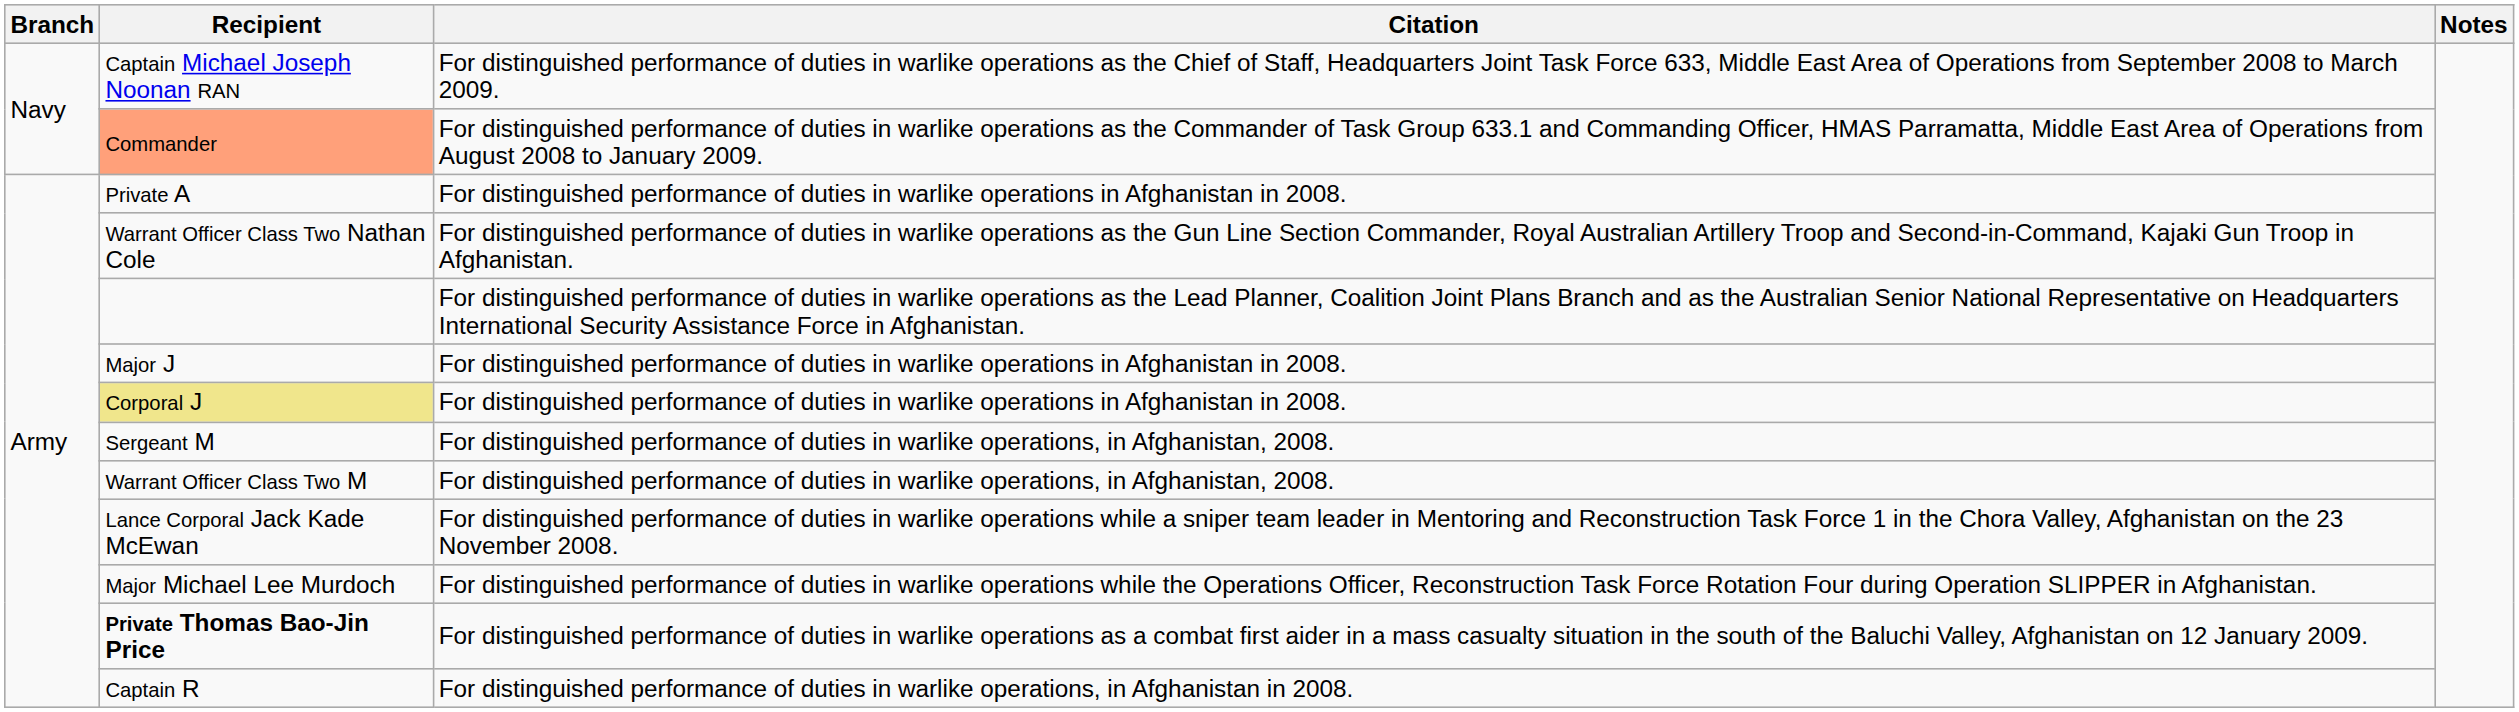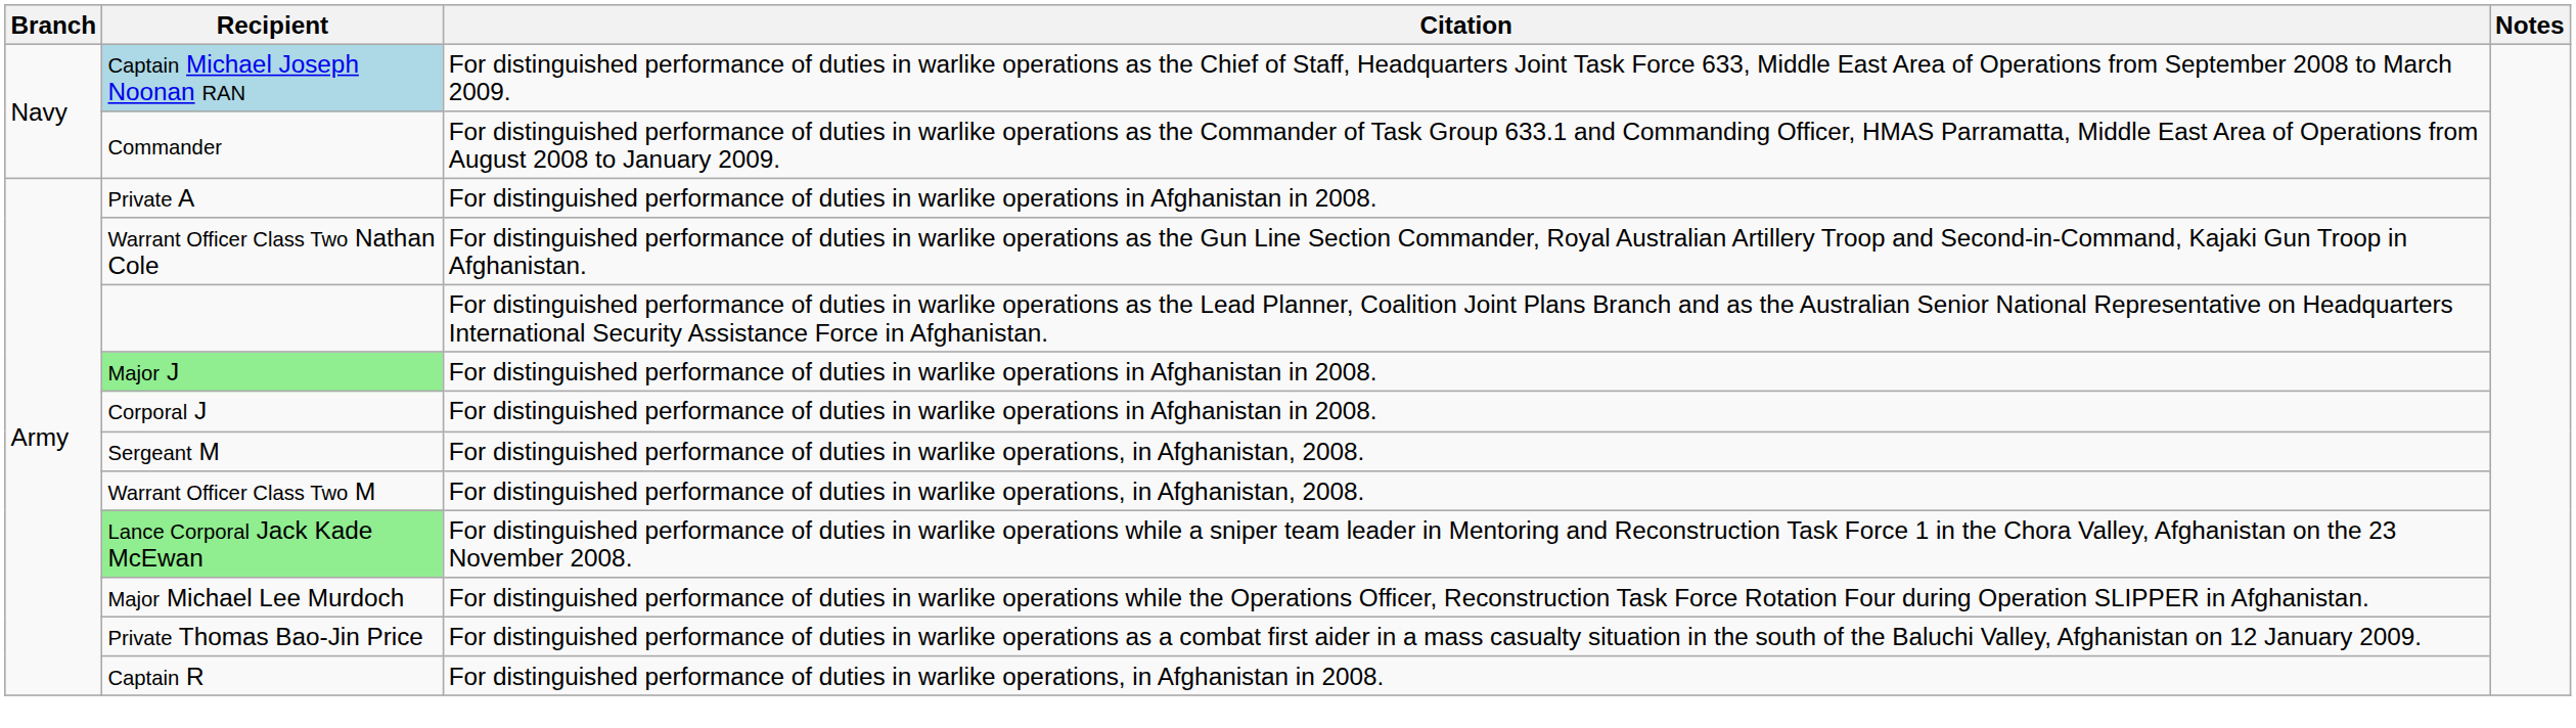 <table class="wikitable" style="font-size:95%;">
 <tr>
 <th>Branch</th>
 <th>Recipient</th>
 <th>Citation</th>
 <th>Notes</th>
 </tr>
 <tr>
 <td rowspan=2>Navy</td>
-<td><small>Captain</small> <a href='#'>Michael Joseph Noonan</a> <small>RAN</small></td>
+<td style="background: lightblue;"><small>Captain</small> <a href='#'>Michael Joseph Noonan</a> <small>RAN</small></td>
 <td>For distinguished performance of duties in warlike operations as the Chief of Staff, Headquarters Joint Task Force 633, Middle East Area of Operations from September 2008 to March 2009.</td>
 <td rowspan=20></td>
 </tr>
 <tr>
-<td style="background: lightsalmon;"><small>Commander</small></td>
+<td><small>Commander</small></td>
 <td>For distinguished performance of duties in warlike operations as the Commander of Task Group 633.1 and Commanding Officer, HMAS Parramatta, Middle East Area of Operations from August 2008 to January 2009.</td>
 </tr>
 <tr>
 <td rowspan=11>Army</td>
 <td><small>Private</small> A</td>
 <td>For distinguished performance of duties in warlike operations in Afghanistan in 2008.</td>
 </tr>
 <tr>
 <td><small>Warrant Officer Class Two</small> Nathan Cole</td>
 <td>For distinguished performance of duties in warlike operations as the Gun Line Section Commander, Royal Australian Artillery Troop and Second-in-Command, Kajaki Gun Troop in Afghanistan.</td>
 </tr>
 <tr>
 <td></td>
 <td>For distinguished performance of duties in warlike operations as the Lead Planner, Coalition Joint Plans Branch and as the Australian Senior National Representative on Headquarters International Security Assistance Force in Afghanistan.</td>
 </tr>
 <tr>
-<td><small>Major</small> J</td>
+<td style="background: lightgreen;"><small>Major</small> J</td>
 <td>For distinguished performance of duties in warlike operations in Afghanistan in 2008.</td>
 </tr>
 <tr>
-<td style="background: khaki;"><small>Corporal</small> J</td>
+<td><small>Corporal</small> J</td>
 <td>For distinguished performance of duties in warlike operations in Afghanistan in 2008.</td>
 </tr>
 <tr>
 <td><small>Sergeant</small> M</td>
 <td>For distinguished performance of duties in warlike operations, in Afghanistan, 2008.</td>
 </tr>
 <tr>
 <td><small>Warrant Officer Class Two</small> M</td>
 <td>For distinguished performance of duties in warlike operations, in Afghanistan, 2008.</td>
 </tr>
 <tr>
-<td><small>Lance Corporal</small> Jack Kade McEwan</td>
+<td style="background: lightgreen;"><small>Lance Corporal</small> Jack Kade McEwan</td>
 <td>For distinguished performance of duties in warlike operations while a sniper team leader in Mentoring and Reconstruction Task Force 1 in the Chora Valley, Afghanistan on the 23 November 2008.</td>
 </tr>
 <tr>
 <td><small>Major</small> Michael Lee Murdoch</td>
 <td>For distinguished performance of duties in warlike operations while the Operations Officer, Reconstruction Task Force Rotation Four during Operation SLIPPER in Afghanistan.</td>
 </tr>
 <tr>
-<td><strong><small>Private</small> Thomas Bao-Jin Price</strong></td>
+<td><small>Private</small> Thomas Bao-Jin Price</td>
 <td>For distinguished performance of duties in warlike operations as a combat first aider in a mass casualty situation in the south of the Baluchi Valley, Afghanistan on 12 January 2009.</td>
 </tr>
 <tr>
 <td><small>Captain</small> R</td>
 <td>For distinguished performance of duties in warlike operations, in Afghanistan in 2008.</td>
 </tr>
 </table>
